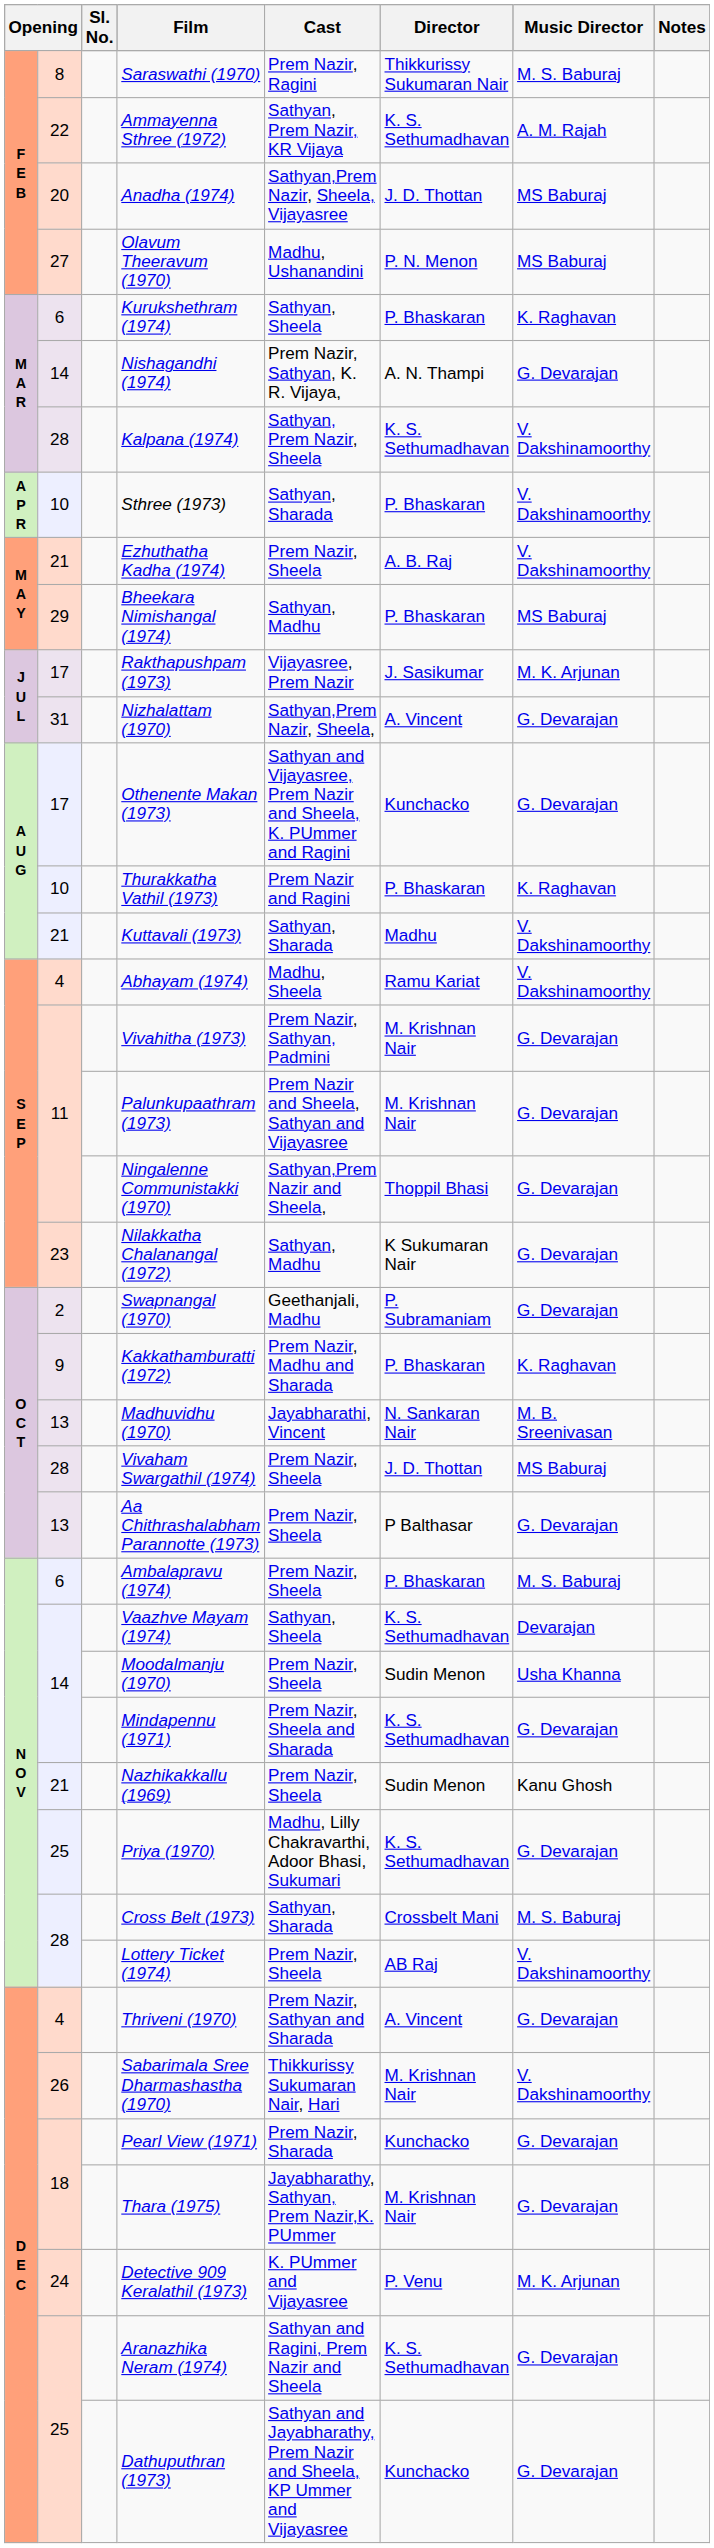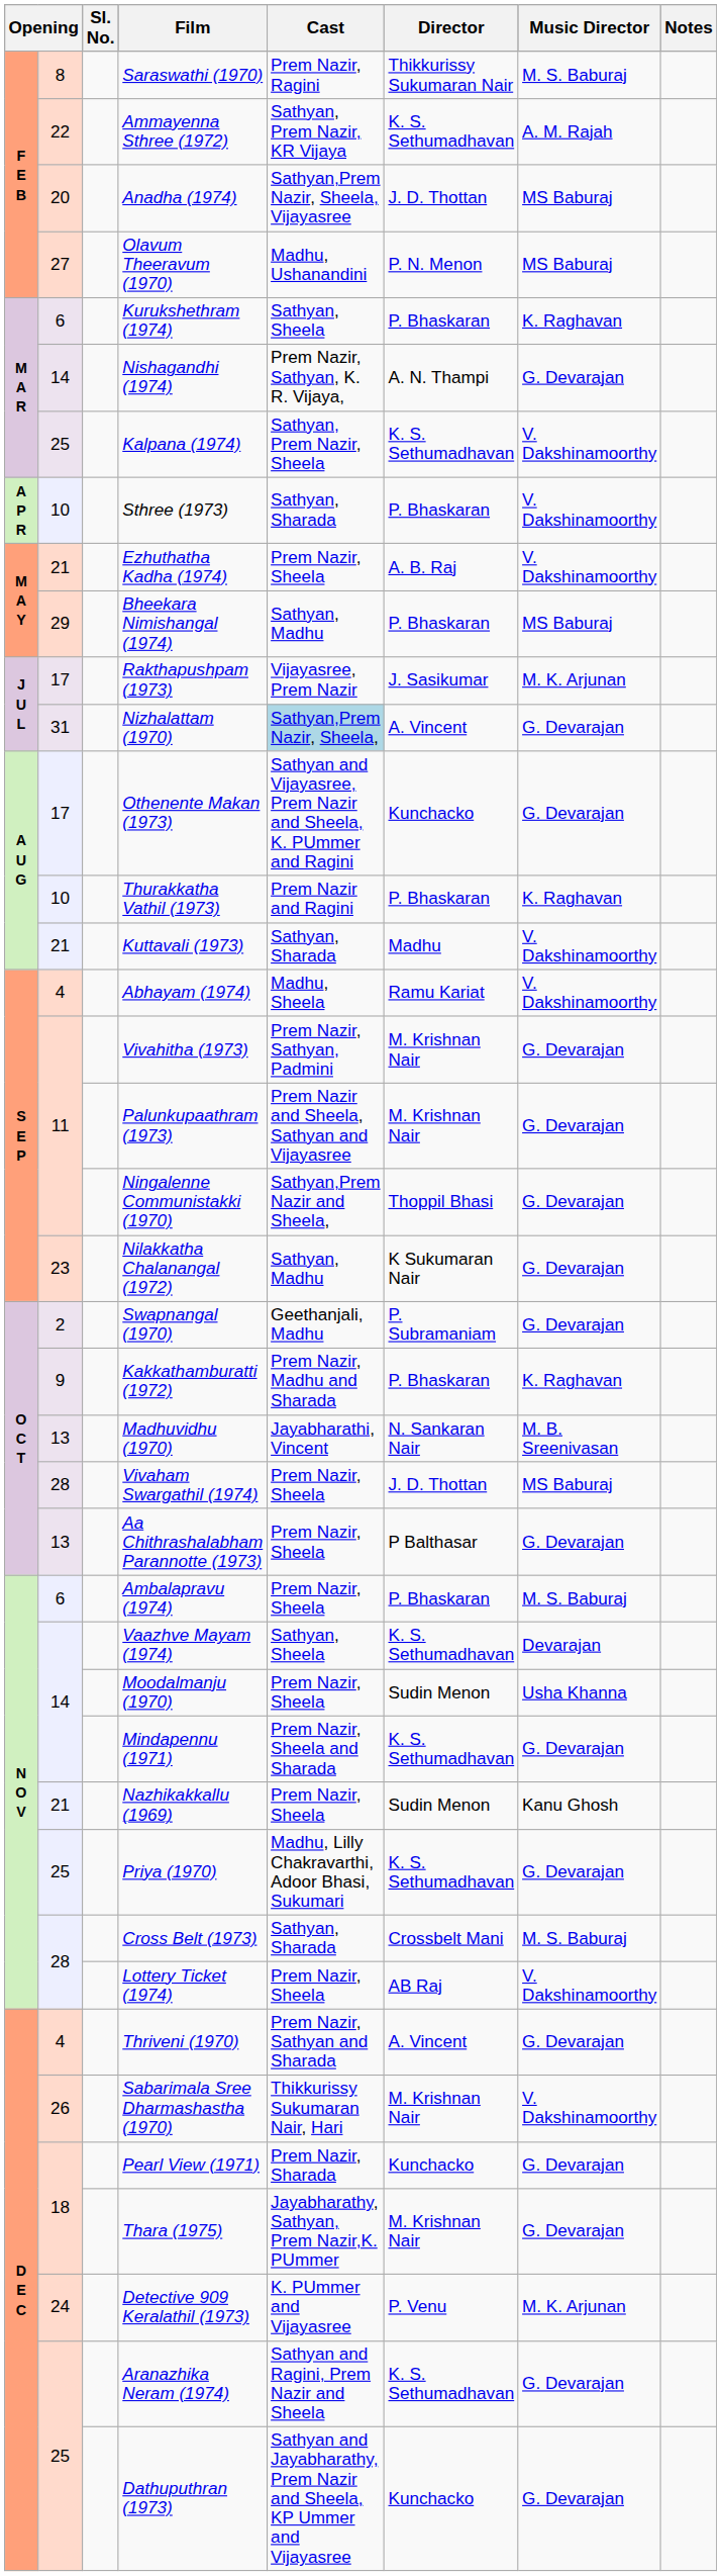 <table class="wikitable">
 <tr style="background:#000;">
 <th colspan='2'>Opening</th>
 <th>Sl.<br>No.</th>
 <th>Film</th>
 <th>Cast</th>
 <th>Director</th>
 <th>Music Director</th>
 <th>Notes</th>
 </tr>
 <tr>
 <td rowspan="4" style="text-align:center; background:#ffa07a; textcolor:#000;"><small><strong>F<br>E<br>B</strong></small></td>
 <td rowspan="1"  style="text-align:center; background:#ffdacc; textcolor:#000;">8</td>
 <td valign="center"></td>
 <td><em><a href='#'>Saraswathi (1970)</a></em></td>
 <td><a href='#'>Prem Nazir</a>, <a href='#'>Ragini</a></td>
 <td><a href='#'>Thikkurissy Sukumaran Nair</a></td>
 <td><a href='#'>M. S. Baburaj</a></td>
 <td></td>
 </tr>
 <tr>
 <td rowspan="1"  style="text-align:center; background:#ffdacc; textcolor:#000;">22</td>
 <td valign="center"></td>
 <td><em><a href='#'>Ammayenna Sthree (1972)</a></em></td>
 <td><a href='#'>Sathyan</a>, <a href='#'>Prem Nazir, KR Vijaya</a></td>
 <td><a href='#'>K. S. Sethumadhavan</a></td>
 <td><a href='#'>A. M. Rajah</a></td>
 <td></td>
 </tr>
 <tr>
 <td rowspan="1"  style="text-align:center; background:#ffdacc; textcolor:#000;">20</td>
 <td valign="center"></td>
 <td><em><a href='#'>Anadha (1974)</a></em></td>
 <td><a href='#'>Sathyan,Prem Nazir</a>, <a href='#'>Sheela, Vijayasree</a></td>
 <td><a href='#'>J. D. Thottan</a></td>
 <td><a href='#'>MS Baburaj</a></td>
 <td></td>
 </tr>
 <tr>
 <td rowspan="1"  style="text-align:center; background:#ffdacc; textcolor:#000;">27</td>
 <td valign="center"></td>
 <td><em><a href='#'>Olavum Theeravum (1970)</a></em></td>
 <td><a href='#'>Madhu</a>, <a href='#'>Ushanandini</a></td>
 <td><a href='#'>P. N. Menon</a></td>
 <td><a href='#'>MS Baburaj</a></td>
 <td></td>
 </tr>
 <tr>
 <td rowspan="3" style="text-align:center; background:#dcc7df; textcolor:#000;"><small><strong>M<br>A<br>R</strong></small></td>
 <td rowspan="1"  style="text-align:center; background:#ede3ef; textcolor:#000;">6</td>
 <td valign="center"></td>
 <td><em><a href='#'>Kurukshethram (1974)</a></em></td>
 <td><a href='#'>Sathyan</a>, <a href='#'>Sheela</a></td>
 <td><a href='#'>P. Bhaskaran</a></td>
 <td><a href='#'>K. Raghavan</a></td>
 <td></td>
 </tr>
 <tr>
 <td rowspan="1"  style="text-align:center; background:#ede3ef; textcolor:#000;">14</td>
 <td valign="center"></td>
 <td><em><a href='#'>Nishagandhi (1974)</a></em></td>
 <td>Prem Nazir, <a href='#'>Sathyan</a>, K. R. Vijaya,</td>
 <td>A. N. Thampi</td>
 <td><a href='#'>G. Devarajan</a></td>
 <td></td>
 </tr>
 <tr>
-<td rowspan="1"  style="text-align:center; background:#ede3ef; textcolor:#000;">28</td>
+<td rowspan="1"  style="text-align:center; background:#ede3ef; textcolor:#000;">25</td>
 <td valign="center"></td>
 <td><em><a href='#'>Kalpana (1974)</a></em></td>
 <td><a href='#'>Sathyan, Prem Nazir</a>, <a href='#'>Sheela</a></td>
 <td><a href='#'>K. S. Sethumadhavan</a></td>
 <td><a href='#'>V. Dakshinamoorthy</a></td>
 <td></td>
 </tr>
 <tr>
 <td rowspan="1" style="text-align:center; background:#d0f0c0; textcolor:#000;"><small><strong>A<br>P<br>R</strong></small></td>
 <td rowspan="1"  style="text-align:center; background:#edefff; textcolor:#000;">10</td>
 <td valign="center"></td>
 <td><em>Sthree (1973)</em></td>
 <td><a href='#'>Sathyan</a>, <a href='#'>Sharada</a></td>
 <td><a href='#'>P. Bhaskaran</a></td>
 <td><a href='#'>V. Dakshinamoorthy</a></td>
 <td></td>
 </tr>
 <tr>
 <td rowspan="2" style="text-align:center; background:#ffa07a; textcolor:#000;"><small><strong>M<br>A<br>Y</strong></small></td>
 <td rowspan="1"  style="text-align:center; background:#ffdacc; textcolor:#000;">21</td>
 <td valign="center"></td>
 <td><em><a href='#'>Ezhuthatha Kadha (1974)</a></em></td>
 <td><a href='#'>Prem Nazir</a>, <a href='#'>Sheela</a></td>
 <td><a href='#'>A. B. Raj</a></td>
 <td><a href='#'>V. Dakshinamoorthy</a></td>
 <td></td>
 </tr>
 <tr>
 <td rowspan="1"  style="text-align:center; background:#ffdacc; textcolor:#000;">29</td>
 <td valign="center"></td>
 <td><em><a href='#'>Bheekara Nimishangal (1974)</a></em></td>
 <td><a href='#'>Sathyan</a>, <a href='#'>Madhu</a></td>
 <td><a href='#'>P. Bhaskaran</a></td>
 <td><a href='#'>MS Baburaj</a></td>
 <td></td>
 </tr>
 <tr>
 <td rowspan="2" style="text-align:center; background:#dcc7df; textcolor:#000;"><small><strong>J<br>U<br>L</strong></small></td>
 <td rowspan="1"  style="text-align:center; background:#ede3ef; textcolor:#000;">17</td>
 <td valign="center"></td>
 <td><em><a href='#'>Rakthapushpam (1973)</a></em></td>
 <td><a href='#'>Vijayasree</a>, <a href='#'>Prem Nazir</a></td>
 <td><a href='#'>J. Sasikumar</a></td>
 <td><a href='#'>M. K. Arjunan</a></td>
 <td></td>
 </tr>
 <tr>
 <td rowspan="1"  style="text-align:center; background:#ede3ef; textcolor:#000;">31</td>
 <td valign="center"></td>
 <td><em><a href='#'>Nizhalattam (1970)</a></em></td>
-<td><a href='#'>Sathyan,Prem Nazir</a>, <a href='#'>Sheela</a>,</td>
+<td style="background: lightblue;"><a href='#'>Sathyan,Prem Nazir</a>, <a href='#'>Sheela</a>,</td>
 <td><a href='#'>A. Vincent</a></td>
 <td><a href='#'>G. Devarajan</a></td>
 <td></td>
 </tr>
 <tr>
 <td rowspan="3" style="text-align:center; background:#d0f0c0; textcolor:#000;"><small><strong>A<br>U<br>G</strong></small></td>
 <td rowspan="1"  style="text-align:center; background:#edefff; textcolor:#000;">17</td>
 <td valign="center"></td>
 <td><em><a href='#'>Othenente Makan (1973)</a></em></td>
 <td><a href='#'>Sathyan and Vijayasree, Prem Nazir and Sheela, K. PUmmer and Ragini</a></td>
 <td><a href='#'>Kunchacko</a></td>
 <td><a href='#'>G. Devarajan</a></td>
 <td></td>
 </tr>
 <tr>
 <td rowspan="1"  style="text-align:center; background:#edefff; textcolor:#000;">10</td>
 <td valign="center"></td>
 <td><em><a href='#'>Thurakkatha Vathil (1973)</a></em></td>
 <td><a href='#'>Prem Nazir and Ragini</a></td>
 <td><a href='#'>P. Bhaskaran</a></td>
 <td><a href='#'>K. Raghavan</a></td>
 <td></td>
 </tr>
 <tr>
 <td rowspan="1"  style="text-align:center; background:#edefff; textcolor:#000;">21</td>
 <td valign="center"></td>
 <td><em><a href='#'>Kuttavali (1973)</a></em></td>
 <td><a href='#'>Sathyan</a>, <a href='#'>Sharada</a></td>
 <td><a href='#'>Madhu</a></td>
 <td><a href='#'>V. Dakshinamoorthy</a></td>
 <td></td>
 </tr>
 <tr>
 <td rowspan="5" style="text-align:center; background:#ffa07a; textcolor:#000;"><small><strong>S<br>E<br>P</strong></small></td>
 <td rowspan="1"  style="text-align:center; background:#ffdacc; textcolor:#000;">4</td>
 <td valign="center"></td>
 <td><em><a href='#'>Abhayam (1974)</a></em></td>
 <td><a href='#'>Madhu</a>, <a href='#'>Sheela</a></td>
 <td><a href='#'>Ramu Kariat</a></td>
 <td><a href='#'>V. Dakshinamoorthy</a></td>
 <td></td>
 </tr>
 <tr>
 <td rowspan="3"  style="text-align:center; background:#ffdacc; textcolor:#000;">11</td>
 <td valign="center"></td>
 <td><em><a href='#'>Vivahitha (1973)</a></em></td>
 <td><a href='#'>Prem Nazir</a>, <a href='#'>Sathyan, Padmini</a></td>
 <td><a href='#'>M. Krishnan Nair</a></td>
 <td><a href='#'>G. Devarajan</a></td>
 <td></td>
 </tr>
 <tr>
 <td valign="center"></td>
 <td><em><a href='#'>Palunkupaathram (1973)</a></em></td>
 <td><a href='#'>Prem Nazir and Sheela</a>, <a href='#'>Sathyan and Vijayasree</a></td>
 <td><a href='#'>M. Krishnan Nair</a></td>
 <td><a href='#'>G. Devarajan</a></td>
 <td></td>
 </tr>
 <tr>
 <td valign="center"></td>
 <td><em><a href='#'>Ningalenne Communistakki (1970)</a></em></td>
 <td><a href='#'>Sathyan,Prem Nazir and Sheela</a>,</td>
 <td><a href='#'>Thoppil Bhasi</a></td>
 <td><a href='#'>G. Devarajan</a></td>
 <td></td>
 </tr>
 <tr>
 <td rowspan="1"  style="text-align:center; background:#ffdacc; textcolor:#000;">23</td>
 <td valign="center"></td>
 <td><em><a href='#'>Nilakkatha Chalanangal (1972)</a></em></td>
 <td><a href='#'>Sathyan</a>, <a href='#'>Madhu</a></td>
 <td>K Sukumaran Nair</td>
 <td><a href='#'>G. Devarajan</a></td>
 <td></td>
 </tr>
 <tr>
 <td rowspan="5" style="text-align:center; background:#dcc7df; textcolor:#000;"><small><strong>O<br>C<br>T</strong></small></td>
 <td rowspan="1"  style="text-align:center; background:#ede3ef; textcolor:#000;">2</td>
 <td valign="center"></td>
 <td><em><a href='#'>Swapnangal (1970)</a></em></td>
 <td>Geethanjali, <a href='#'>Madhu</a></td>
 <td><a href='#'>P. Subramaniam</a></td>
 <td><a href='#'>G. Devarajan</a></td>
 <td></td>
 </tr>
 <tr>
 <td rowspan="1"  style="text-align:center; background:#ede3ef; textcolor:#000;">9</td>
 <td valign="center"></td>
 <td><em><a href='#'>Kakkathamburatti (1972)</a></em></td>
 <td><a href='#'>Prem Nazir</a>, <a href='#'>Madhu and Sharada</a></td>
 <td><a href='#'>P. Bhaskaran</a></td>
 <td><a href='#'>K. Raghavan</a></td>
 <td></td>
 </tr>
 <tr>
 <td rowspan="1"  style="text-align:center; background:#ede3ef; textcolor:#000;">13</td>
 <td valign="center"></td>
 <td><em><a href='#'>Madhuvidhu (1970)</a></em></td>
 <td><a href='#'>Jayabharathi</a>, <a href='#'>Vincent</a></td>
 <td><a href='#'>N. Sankaran Nair</a></td>
 <td><a href='#'>M. B. Sreenivasan</a></td>
 <td></td>
 </tr>
 <tr>
 <td rowspan="1"  style="text-align:center; background:#ede3ef; textcolor:#000;">28</td>
 <td valign="center"></td>
 <td><em><a href='#'>Vivaham Swargathil (1974)</a></em></td>
 <td><a href='#'>Prem Nazir</a>, <a href='#'>Sheela</a></td>
 <td><a href='#'>J. D. Thottan</a></td>
 <td><a href='#'>MS Baburaj</a></td>
 <td></td>
 </tr>
 <tr>
 <td rowspan="1"  style="text-align:center; background:#ede3ef; textcolor:#000;">13</td>
 <td valign="center"></td>
 <td><em><a href='#'>Aa Chithrashalabham Parannotte (1973)</a></em></td>
 <td><a href='#'>Prem Nazir</a>, <a href='#'>Sheela</a></td>
 <td>P Balthasar</td>
 <td><a href='#'>G. Devarajan</a></td>
 <td></td>
 </tr>
 <tr>
 <td rowspan="8" style="text-align:center; background:#d0f0c0; textcolor:#000;"><small><strong>N<br>O<br>V</strong></small></td>
 <td rowspan="1"  style="text-align:center; background:#edefff; textcolor:#000;">6</td>
 <td valign="center"></td>
 <td><em><a href='#'>Ambalapravu (1974)</a></em></td>
 <td><a href='#'>Prem Nazir</a>, <a href='#'>Sheela</a></td>
 <td><a href='#'>P. Bhaskaran</a></td>
 <td><a href='#'>M. S. Baburaj</a></td>
 <td></td>
 </tr>
 <tr>
 <td rowspan="3"  style="text-align:center; background:#edefff; textcolor:#000;">14</td>
 <td valign="center"></td>
 <td><em><a href='#'>Vaazhve Mayam (1974)</a></em></td>
 <td><a href='#'>Sathyan</a>, <a href='#'>Sheela</a></td>
 <td><a href='#'>K. S. Sethumadhavan</a></td>
 <td><a href='#'>Devarajan</a></td>
 <td></td>
 </tr>
 <tr>
 <td valign="center"></td>
 <td><em><a href='#'>Moodalmanju (1970)</a></em></td>
 <td><a href='#'>Prem Nazir</a>, <a href='#'>Sheela</a></td>
 <td>Sudin Menon</td>
 <td><a href='#'>Usha Khanna</a></td>
 <td></td>
 </tr>
 <tr>
 <td valign="center"></td>
 <td><em><a href='#'>Mindapennu (1971)</a></em></td>
 <td><a href='#'>Prem Nazir</a>, <a href='#'>Sheela and Sharada</a></td>
 <td><a href='#'>K. S. Sethumadhavan</a></td>
 <td><a href='#'>G. Devarajan</a></td>
 <td></td>
 </tr>
 <tr>
 <td rowspan="1"  style="text-align:center; background:#edefff; textcolor:#000;">21</td>
 <td valign="center"></td>
 <td><em><a href='#'>Nazhikakkallu (1969)</a></em></td>
 <td><a href='#'>Prem Nazir</a>, <a href='#'>Sheela</a></td>
 <td>Sudin Menon</td>
 <td>Kanu Ghosh</td>
 <td></td>
 </tr>
 <tr>
 <td rowspan="1"  style="text-align:center; background:#edefff; textcolor:#000;">25</td>
 <td valign="center"></td>
 <td><em><a href='#'>Priya (1970)</a></em></td>
 <td><a href='#'>Madhu</a>, Lilly Chakravarthi, Adoor Bhasi, <a href='#'>Sukumari</a></td>
 <td><a href='#'>K. S. Sethumadhavan</a></td>
 <td><a href='#'>G. Devarajan</a></td>
 <td></td>
 </tr>
 <tr>
 <td rowspan="2"  style="text-align:center; background:#edefff; textcolor:#000;">28</td>
 <td valign="center"></td>
 <td><em><a href='#'>Cross Belt (1973)</a></em></td>
 <td><a href='#'>Sathyan</a>, <a href='#'>Sharada</a></td>
 <td><a href='#'>Crossbelt Mani</a></td>
 <td><a href='#'>M. S. Baburaj</a></td>
 <td></td>
 </tr>
 <tr>
 <td valign="center"></td>
 <td><em><a href='#'>Lottery Ticket (1974)</a></em></td>
 <td><a href='#'>Prem Nazir</a>, <a href='#'>Sheela</a></td>
 <td><a href='#'>AB Raj</a></td>
 <td><a href='#'>V. Dakshinamoorthy</a></td>
 <td></td>
 </tr>
 <tr>
 <td rowspan="7" style="text-align:center; background:#ffa07a; textcolor:#000;"><small><strong>D<br>E<br>C</strong></small></td>
 <td rowspan="1"  style="text-align:center; background:#ffdacc; textcolor:#000;">4</td>
 <td valign="center"></td>
 <td><em><a href='#'>Thriveni (1970)</a></em></td>
 <td><a href='#'>Prem Nazir</a>, <a href='#'>Sathyan and Sharada</a></td>
 <td><a href='#'>A. Vincent</a></td>
 <td><a href='#'>G. Devarajan</a></td>
 <td></td>
 </tr>
 <tr>
 <td rowspan="1"  style="text-align:center; background:#ffdacc; textcolor:#000;">26</td>
 <td valign="center"></td>
 <td><em><a href='#'>Sabarimala Sree Dharmashastha (1970)</a></em></td>
 <td><a href='#'>Thikkurissy Sukumaran Nair</a>, <a href='#'>Hari</a></td>
 <td><a href='#'>M. Krishnan Nair</a></td>
 <td><a href='#'>V. Dakshinamoorthy</a></td>
 <td></td>
 </tr>
 <tr>
 <td rowspan="2"  style="text-align:center; background:#ffdacc; textcolor:#000;">18</td>
 <td valign="center"></td>
 <td><em><a href='#'>Pearl View (1971)</a></em></td>
 <td><a href='#'>Prem Nazir</a>, <a href='#'>Sharada</a></td>
 <td><a href='#'>Kunchacko</a></td>
 <td><a href='#'>G. Devarajan</a></td>
 <td></td>
 </tr>
 <tr>
 <td valign="center"></td>
 <td><em><a href='#'>Thara (1975)</a></em></td>
 <td><a href='#'>Jayabharathy</a>, <a href='#'>Sathyan, Prem Nazir,K. PUmmer</a></td>
 <td><a href='#'>M. Krishnan Nair</a></td>
 <td><a href='#'>G. Devarajan</a></td>
 <td></td>
 </tr>
 <tr>
 <td rowspan="1"  style="text-align:center; background:#ffdacc; textcolor:#000;">24</td>
 <td valign="center"></td>
 <td><em><a href='#'>Detective 909 Keralathil (1973)</a></em></td>
 <td><a href='#'>K. PUmmer and Vijayasree</a></td>
 <td><a href='#'>P. Venu</a></td>
 <td><a href='#'>M. K. Arjunan</a></td>
 <td></td>
 </tr>
 <tr>
 <td rowspan="2"  style="text-align:center; background:#ffdacc; textcolor:#000;">25</td>
 <td valign="center"></td>
 <td><em><a href='#'>Aranazhika Neram (1974)</a></em></td>
 <td><a href='#'>Sathyan and Ragini, Prem Nazir and Sheela</a></td>
 <td><a href='#'>K. S. Sethumadhavan</a></td>
 <td><a href='#'>G. Devarajan</a></td>
 <td></td>
 </tr>
 <tr>
 <td valign="center"></td>
 <td><em><a href='#'>Dathuputhran (1973)</a></em></td>
 <td><a href='#'>Sathyan and Jayabharathy, Prem Nazir and Sheela, KP Ummer and Vijayasree</a></td>
 <td><a href='#'>Kunchacko</a></td>
 <td><a href='#'>G. Devarajan</a></td>
 <td></td>
 </tr>
 </table>
